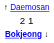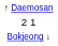 <table style="text-align:center;">
 <tr>
 <td><small>↑ <a href='#'>Daemosan</a></small></td>
 </tr>
 <tr>
 <td><span>2</span>   <span>1</span></td>
 </tr>
 <tr>
-<td><strong><small><a href='#'>Bokjeong</a> ↓</small></strong></td>
+<td><small><a href='#'>Bokjeong</a> ↓</small></td>
 </tr>
 </table>
